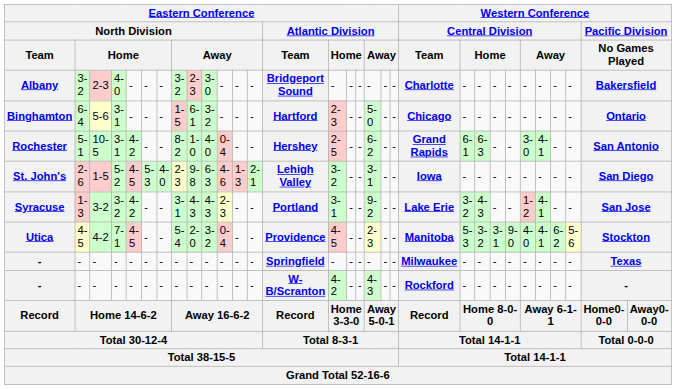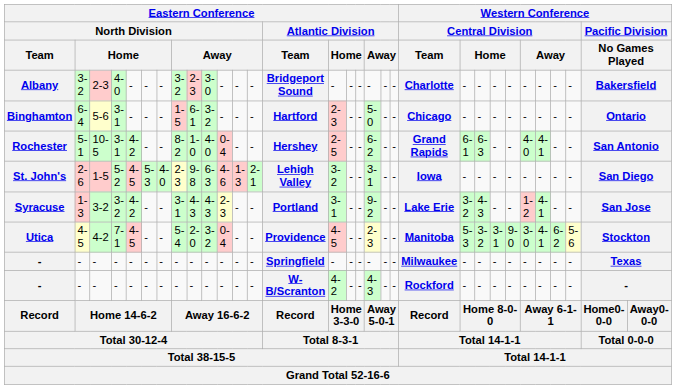 <table class="wikitable sortable">
 <tr>
 <th colspan="20"><a href='#'>Eastern Conference</a></th>
 <th colspan="11"><a href='#'>Western Conference</a></th>
 </tr>
 <tr>
 <th colspan="13"><strong>North Division</strong></th>
 <th colspan="7"><strong><a href='#'>Atlantic Division</a></strong></th>
 <th colspan="9"><strong><a href='#'>Central Division</a></strong></th>
 <th colspan="2"><strong><a href='#'>Pacific Division</a></strong></th>
 </tr>
 <tr>
 <th>Team</th>
 <th colspan="6">Home</th>
 <th colspan="6">Away</th>
 <th>Team</th>
 <th colspan="3">Home</th>
 <th colspan="3">Away</th>
 <th>Team</th>
 <th colspan="4">Home</th>
 <th colspan="4">Away</th>
 <th colspan="2">No Games Played</th>
 </tr>
 <tr>
 <th><a href='#'>Albany</a></th>
 <td style="background:#cfc;">3-2</td>
 <td style="background:#fcc;">2-3</td>
 <td style="background:#cfc;">4-0</td>
 <td>-</td>
 <td>-</td>
 <td>-</td>
 <td style="background:#cfc;">3-2</td>
 <td style="background:#fcc;">2-3</td>
 <td style="background:#cfc;">3-0</td>
 <td>-</td>
 <td>-</td>
 <td>-</td>
 <th><a href='#'>Bridgeport Sound</a></th>
 <td>-</td>
 <td>-</td>
 <td>-</td>
 <td>-</td>
 <td>-</td>
 <td>-</td>
 <th><a href='#'>Charlotte</a></th>
 <td>-</td>
 <td>-</td>
 <td>-</td>
 <td>-</td>
 <td>-</td>
 <td>-</td>
 <td>-</td>
 <td>-</td>
 <th colspan="2"><a href='#'>Bakersfield</a></th>
 </tr>
 <tr>
 <th><a href='#'>Binghamton</a></th>
 <td style="background:#cfc;">6-4</td>
 <td style="background:#ffc;">5-6</td>
 <td style="background:#cfc;">3-1</td>
 <td>-</td>
 <td>-</td>
 <td>-</td>
 <td style="background:#fcc;">1-5</td>
 <td style="background:#cfc;">6-1</td>
 <td style="background:#cfc;">3-2</td>
 <td>-</td>
 <td>-</td>
 <td>-</td>
 <th><a href='#'>Hartford</a></th>
 <td style="background:#fcc;">2-3</td>
 <td>-</td>
 <td>-</td>
 <td style="background:#cfc;">5-0</td>
 <td>-</td>
 <td>-</td>
 <th><a href='#'>Chicago</a></th>
 <td>-</td>
 <td>-</td>
 <td>-</td>
 <td>-</td>
 <td>-</td>
 <td>-</td>
 <td>-</td>
 <td>-</td>
 <th colspan="2"><a href='#'>Ontario</a></th>
 </tr>
 <tr>
 <th><a href='#'>Rochester</a></th>
 <td style="background:#cfc;">5-1</td>
 <td style="background:#cfc;">10-5</td>
 <td style="background:#cfc;">3-1</td>
 <td style="background:#cfc;">4-2</td>
 <td>-</td>
 <td>-</td>
 <td style="background:#cfc;">8-2</td>
 <td style="background:#cfc;">1-0</td>
 <td style="background:#cfc;">4-0</td>
 <td style="background:#fcc;">0-4</td>
 <td>-</td>
 <td>-</td>
 <th><a href='#'>Hershey</a></th>
 <td style="background:#fcc;">2-5</td>
 <td>-</td>
 <td>-</td>
 <td style="background:#cfc;">6-2</td>
 <td>-</td>
 <td>-</td>
 <th><a href='#'>Grand Rapids</a></th>
 <td style="background:#cfc;">6-1</td>
 <td style="background:#cfc;">6-3</td>
 <td>-</td>
 <td>-</td>
-<td style="background:#cfc;">3-0</td>
+<td style="background:#cfc;">4-0</td>
 <td style="background:#cfc;">4-1</td>
 <td>-</td>
 <td>-</td>
 <th colspan="2"><a href='#'>San Antonio</a></th>
 </tr>
 <tr>
 <th><a href='#'>St. John's</a></th>
 <td style="background:#fcc;">2-6</td>
 <td style="background:#fcc;">1-5</td>
 <td style="background:#cfc;">5-2</td>
 <td style="background:#fcc;">4-5</td>
 <td style="background:#cfc;">5-3</td>
 <td style="background:#cfc;">4-0</td>
 <td style="background:#ffc;">2-3</td>
 <td style="background:#cfc;">9-8</td>
 <td style="background:#cfc;">6-3</td>
 <td style="background:#fcc;">4-6</td>
 <td style="background:#fcc;">1-3</td>
 <td style="background:#cfc;">2-1</td>
 <th><a href='#'>Lehigh Valley</a></th>
 <td style="background:#cfc;">3-2</td>
 <td>-</td>
 <td>-</td>
 <td style="background:#cfc;">3-1</td>
 <td>-</td>
 <td>-</td>
 <th><a href='#'>Iowa</a></th>
 <td>-</td>
 <td>-</td>
 <td>-</td>
 <td>-</td>
 <td>-</td>
 <td>-</td>
 <td>-</td>
 <td>-</td>
 <th colspan="2"><a href='#'>San Diego</a></th>
 </tr>
 <tr>
 <th><a href='#'>Syracuse</a></th>
 <td style="background:#fcc;">1-3</td>
 <td style="background:#cfc;">3-2</td>
 <td style="background:#cfc;">3-2</td>
 <td style="background:#cfc;">4-2</td>
 <td>-</td>
 <td>-</td>
 <td style="background:#cfc;">3-1</td>
 <td style="background:#cfc;">4-3</td>
 <td style="background:#cfc;">4-3</td>
 <td style="background:#ffc;">2-3</td>
 <td>-</td>
 <td>-</td>
 <th><a href='#'>Portland</a></th>
 <td style="background:#cfc;">3-1</td>
 <td>-</td>
 <td>-</td>
 <td style="background:#cfc;">9-2</td>
 <td>-</td>
 <td>-</td>
 <th><a href='#'>Lake Erie</a></th>
 <td style="background:#cfc;">3-2</td>
 <td style="background:#cfc;">4-3</td>
 <td>-</td>
 <td>-</td>
 <td style="background:#fcc;">1-2</td>
 <td style="background:#cfc;">4-1</td>
 <td>-</td>
 <td>-</td>
 <th colspan="2"><a href='#'>San Jose</a></th>
 </tr>
 <tr>
 <th><a href='#'>Utica</a></th>
 <td style="background:#ffc;">4-5</td>
 <td style="background:#cfc;">4-2</td>
 <td style="background:#cfc;">7-1</td>
 <td style="background:#fcc;">4-5</td>
 <td>-</td>
 <td>-</td>
 <td style="background:#cfc;">5-4</td>
 <td style="background:#cfc;">2-0</td>
 <td style="background:#cfc;">3-2</td>
 <td style="background:#fcc;">0-4</td>
 <td>-</td>
 <td>-</td>
 <th><a href='#'>Providence</a></th>
 <td style="background:#fcc;">4-5</td>
 <td>-</td>
 <td>-</td>
 <td style="background:#ffc;">2-3</td>
 <td>-</td>
 <td>-</td>
 <th><a href='#'>Manitoba</a></th>
 <td style="background:#cfc;">5-3</td>
 <td style="background:#cfc;">3-2</td>
 <td style="background:#cfc;">3-1</td>
 <td style="background:#cfc;">9-0</td>
-<td style="background:#cfc;">4-0</td>
+<td style="background:#cfc;">3-0</td>
 <td style="background:#cfc;">4-1</td>
 <td style="background:#cfc;">6-2</td>
 <td style="background:#ffc;">5-6</td>
 <th colspan="2"><a href='#'>Stockton</a></th>
 </tr>
 <tr>
 <th>-</th>
 <td>-</td>
 <td>-</td>
 <td>-</td>
 <td>-</td>
 <td>-</td>
 <td>-</td>
 <td>-</td>
 <td>-</td>
 <td>-</td>
 <td>-</td>
 <td>-</td>
 <td>-</td>
 <th><a href='#'>Springfield</a></th>
 <td>-</td>
 <td>-</td>
 <td>-</td>
 <td>-</td>
 <td>-</td>
 <td>-</td>
 <th><a href='#'>Milwaukee</a></th>
 <td>-</td>
 <td>-</td>
 <td>-</td>
 <td>-</td>
 <td>-</td>
 <td>-</td>
 <td>-</td>
 <td>-</td>
 <th colspan="2"><a href='#'>Texas</a></th>
 </tr>
 <tr>
 <th>-</th>
 <td>-</td>
 <td>-</td>
 <td>-</td>
 <td>-</td>
 <td>-</td>
 <td>-</td>
 <td>-</td>
 <td>-</td>
 <td>-</td>
 <td>-</td>
 <td>-</td>
 <td>-</td>
 <th><a href='#'>W-B/Scranton</a></th>
 <td style="background:#cfc;">4-2</td>
 <td>-</td>
 <td>-</td>
 <td style="background:#cfc;">4-3</td>
 <td>-</td>
 <td>-</td>
 <th><a href='#'>Rockford</a></th>
 <td>-</td>
 <td>-</td>
 <td>-</td>
 <td>-</td>
 <td>-</td>
 <td>-</td>
 <td>-</td>
 <td>-</td>
 <th colspan="2">-</th>
 </tr>
 <tr>
 <th>Record</th>
 <th colspan="6"><strong>Home 14-6-2</strong></th>
 <th colspan="6"><strong>Away 16-6-2</strong></th>
 <th>Record</th>
 <th colspan="3">Home 3-3-0</th>
 <th colspan="3">Away 5-0-1</th>
 <th>Record</th>
 <th colspan="4">Home 8-0-0</th>
 <th colspan="4">Away 6-1-1</th>
 <th>Home0-0-0</th>
 <th>Away0-0-0</th>
 </tr>
 <tr>
 <th colspan="13">Total 30-12-4</th>
 <th colspan="7">Total 8-3-1</th>
 <th colspan="9">Total 14-1-1</th>
 <th colspan="2">Total 0-0-0</th>
 </tr>
 <tr>
 <th colspan="20">Total 38-15-5</th>
 <th colspan="11">Total 14-1-1</th>
 </tr>
 <tr>
 <th colspan="31">Grand Total 52-16-6</th>
 </tr>
 </table>
